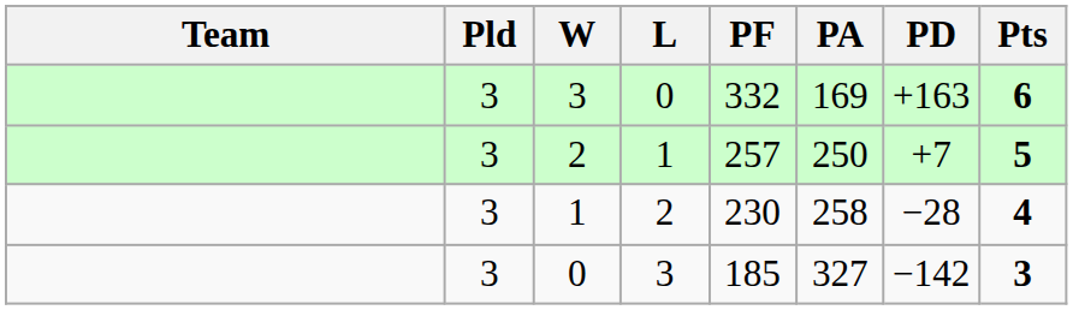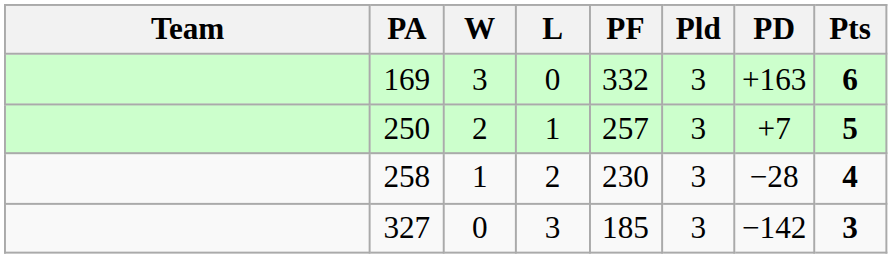 <table class=wikitable style="text-align:center">
 <tr>
 <th width=180>Team</th>
-<th width=30>Pld</th>
+<th width=30>PA</th>
 <th width=30>W</th>
 <th width=30>L</th>
 <th width=30>PF</th>
-<th width=30>PA</th>
+<th width=30>Pld</th>
 <th width=30>PD</th>
 <th width=30>Pts</th>
 </tr>
 <tr align=center bgcolor="#ccffcc">
 <td align=left></td>
-<td>3</td>
+<td>169</td>
 <td>3</td>
 <td>0</td>
 <td>332</td>
-<td>169</td>
+<td>3</td>
 <td>+163</td>
 <td><strong>6</strong></td>
 </tr>
 <tr align=center bgcolor="#ccffcc">
 <td align=left></td>
-<td>3</td>
+<td>250</td>
 <td>2</td>
 <td>1</td>
 <td>257</td>
-<td>250</td>
+<td>3</td>
 <td>+7</td>
 <td><strong>5</strong></td>
 </tr>
 <tr align=center>
 <td align=left></td>
-<td>3</td>
+<td>258</td>
 <td>1</td>
 <td>2</td>
 <td>230</td>
-<td>258</td>
+<td>3</td>
 <td>−28</td>
 <td><strong>4</strong></td>
 </tr>
 <tr align=center>
 <td align=left></td>
-<td>3</td>
+<td>327</td>
 <td>0</td>
 <td>3</td>
 <td>185</td>
-<td>327</td>
+<td>3</td>
 <td>−142</td>
 <td><strong>3</strong></td>
 </tr>
 </table>
